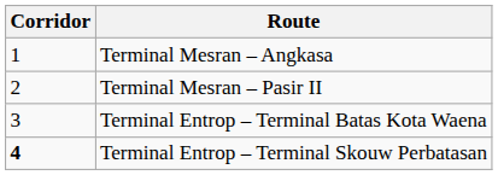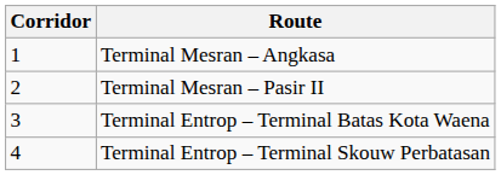 <table class="wikitable sortable">
 <tr>
 <th>Corridor</th>
 <th>Route</th>
 </tr>
 <tr>
 <td>1</td>
 <td>Terminal Mesran – Angkasa</td>
 </tr>
 <tr>
 <td>2</td>
 <td>Terminal Mesran – Pasir II</td>
 </tr>
 <tr>
 <td>3</td>
 <td>Terminal Entrop – Terminal Batas Kota Waena</td>
 </tr>
 <tr>
-<td><strong>4</strong></td>
+<td>4</td>
 <td>Terminal Entrop – Terminal Skouw Perbatasan</td>
 </tr>
 </table>
